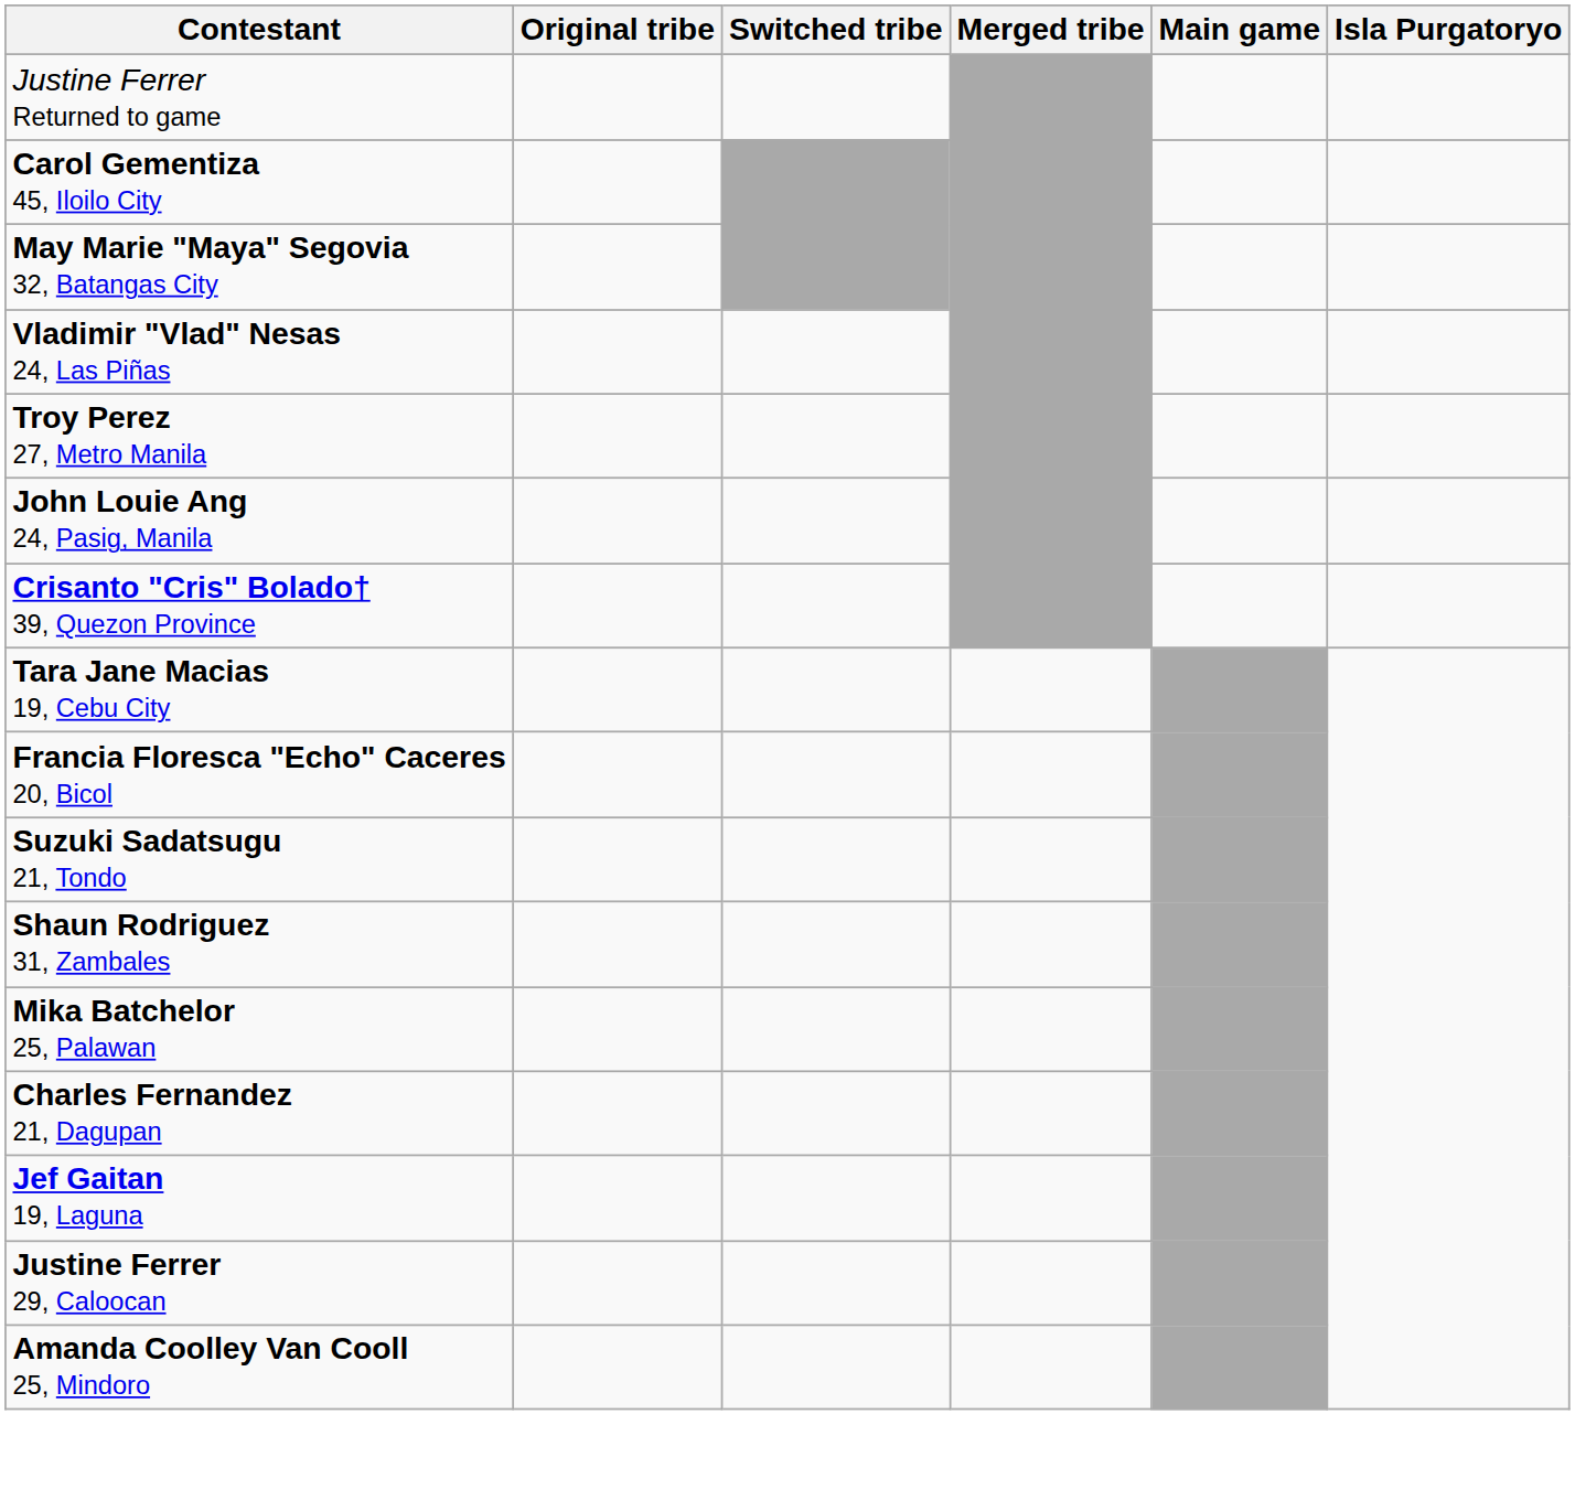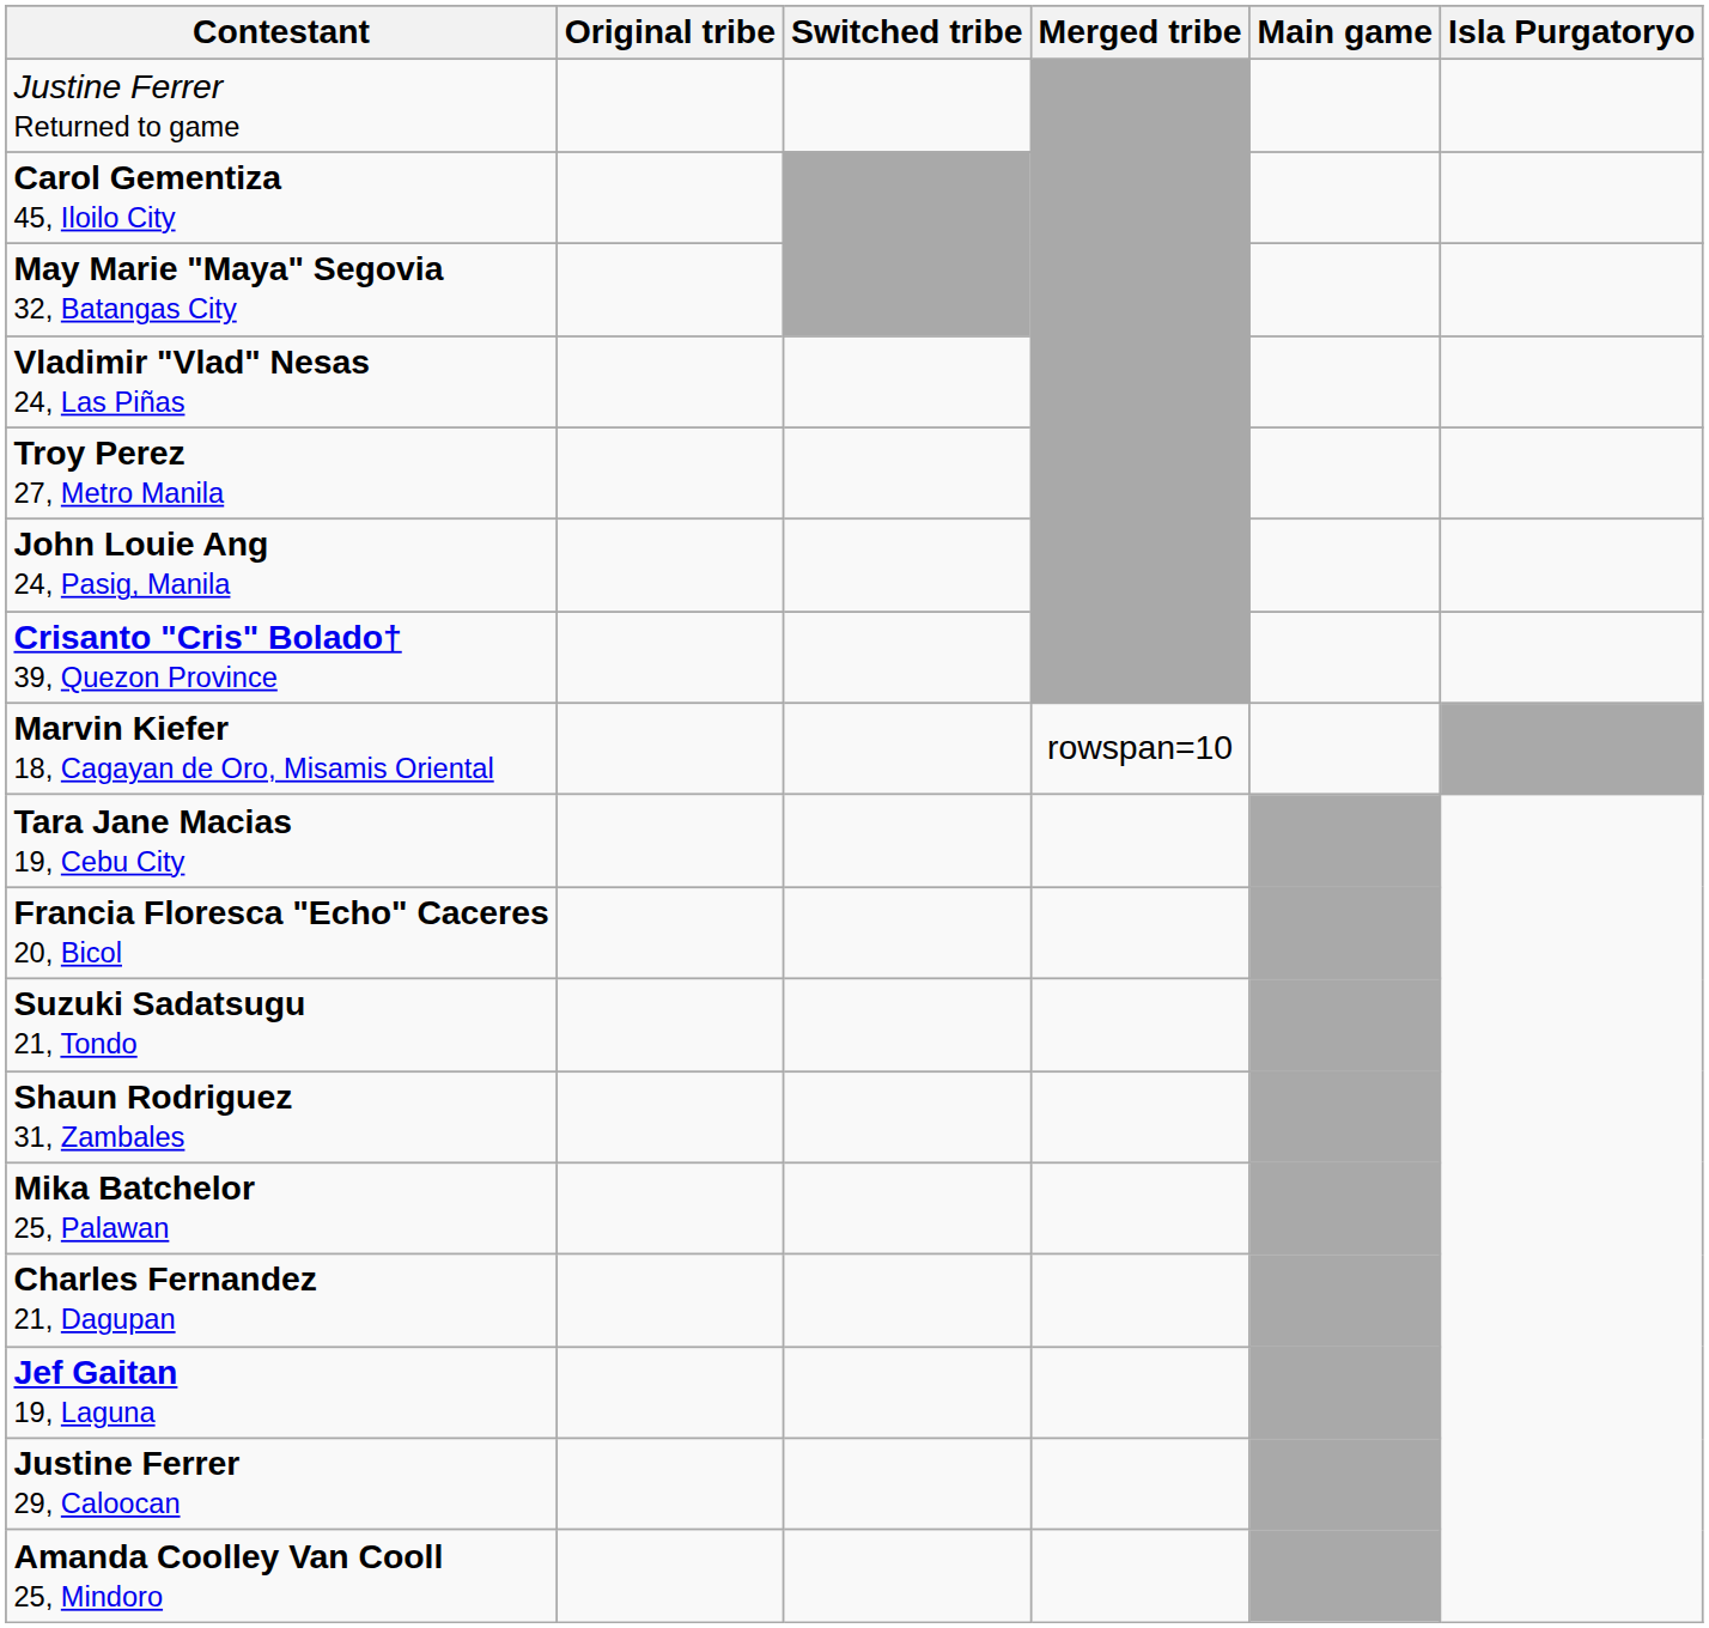 <table class="wikitable sortable nowrap" style="margin:auto; text-align:center">
 <tr>
 <th>Contestant</th>
 <th>Original tribe</th>
 <th>Switched tribe</th>
 <th>Merged tribe</th>
 <th>Main game</th>
 <th>Isla Purgatoryo</th>
 </tr>
 <tr>
 <td style="text-align:left;"><em>Justine Ferrer</em> <br><small>Returned to game</small></td>
 <td></td>
 <td></td>
 <td rowspan="7" bgcolor="darkgray"></td>
 <td></td>
 <td></td>
 </tr>
 <tr>
 <td style="text-align:left;"><strong>Carol Gementiza</strong> <br><small>45, <a href='#'>Iloilo City</a></small></td>
 <td></td>
 <td rowspan="2" bgcolor="darkgray"></td>
 <td></td>
 <td></td>
 </tr>
 <tr>
 <td style="text-align:left;"><strong>May Marie "Maya" Segovia</strong> <br><small>32, <a href='#'>Batangas City</a></small></td>
 <td></td>
 <td></td>
 <td></td>
 </tr>
 <tr>
 <td style="text-align:left;"><strong>Vladimir "Vlad" Nesas</strong> <br><small>24, <a href='#'>Las Piñas</a></small></td>
 <td></td>
 <td></td>
 <td></td>
 <td></td>
 </tr>
 <tr>
 <td style="text-align:left;"><strong>Troy Perez</strong> <br><small>27, <a href='#'>Metro Manila</a></small></td>
 <td></td>
 <td></td>
 <td></td>
 <td></td>
 </tr>
 <tr>
 <td style="text-align:left;"><strong>John Louie Ang</strong> <br><small>24, <a href='#'>Pasig, Manila</a></small></td>
 <td></td>
 <td></td>
 <td></td>
 <td></td>
 </tr>
 <tr>
 <td style="text-align:left;"><strong><a href='#'>Crisanto "Cris" Bolado†</a></strong> <br><small>39, <a href='#'>Quezon Province</a></small></td>
 <td></td>
 <td></td>
 <td></td>
 <td></td>
+</tr>
+<tr>
+<td style="text-align:left;"><strong>Marvin Kiefer</strong> <br><small>18, <a href='#'>Cagayan de Oro, Misamis Oriental</a></small></td>
+<td></td>
+<td></td>
+<td>rowspan=10 </td>
+<td></td>
+<td bgcolor="darkgray"></td>
 </tr>
 <tr>
 <td style="text-align:left;"><strong>Tara Jane Macias</strong> <br><small>19, <a href='#'>Cebu City</a></small></td>
 <td></td>
 <td></td>
 <td></td>
 <td bgcolor="darkgray"></td>
 </tr>
 <tr>
 <td style="text-align:left;"><strong>Francia Floresca "Echo" Caceres</strong> <br><small>20, <a href='#'>Bicol</a></small></td>
 <td></td>
 <td></td>
 <td></td>
 <td bgcolor="darkgray"></td>
 </tr>
 <tr>
 <td style="text-align:left;"><strong>Suzuki Sadatsugu</strong> <br><small>21, <a href='#'>Tondo</a></small></td>
 <td></td>
 <td></td>
 <td></td>
 <td bgcolor="darkgray"></td>
 </tr>
 <tr>
 <td style="text-align:left;"><strong>Shaun Rodriguez</strong> <br><small>31, <a href='#'>Zambales</a></small></td>
 <td></td>
 <td></td>
 <td></td>
 <td bgcolor="darkgray"></td>
 </tr>
 <tr>
 <td style="text-align:left;"><strong>Mika Batchelor</strong> <br><small>25, <a href='#'>Palawan</a></small></td>
 <td></td>
 <td></td>
 <td></td>
 <td bgcolor="darkgray"></td>
 </tr>
 <tr>
 <td style="text-align:left;"><strong>Charles Fernandez</strong> <br><small>21, <a href='#'>Dagupan</a></small></td>
 <td></td>
 <td></td>
 <td></td>
 <td bgcolor="darkgray"></td>
 </tr>
 <tr>
 <td style="text-align:left;"><strong><a href='#'>Jef Gaitan</a></strong> <br><small>19, <a href='#'>Laguna</a></small></td>
 <td></td>
 <td></td>
 <td></td>
 <td bgcolor="darkgray"></td>
 </tr>
 <tr>
 <td style="text-align:left;"><strong>Justine Ferrer</strong> <br><small>29, <a href='#'>Caloocan</a></small></td>
 <td></td>
 <td></td>
 <td></td>
 <td bgcolor="darkgray"></td>
 </tr>
 <tr>
 <td style="text-align:left;"><strong>Amanda Coolley Van Cooll</strong> <br><small>25, <a href='#'>Mindoro</a></small></td>
 <td></td>
 <td></td>
 <td></td>
 <td bgcolor="darkgray"></td>
 </tr>
 </table>
